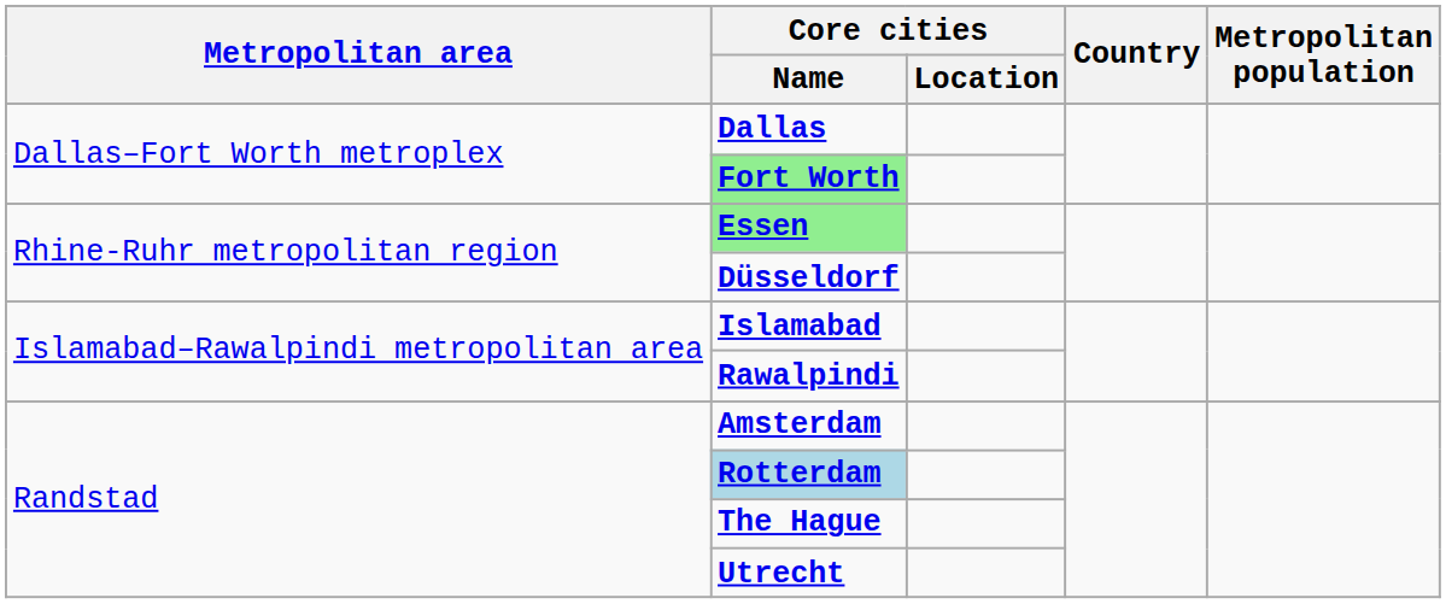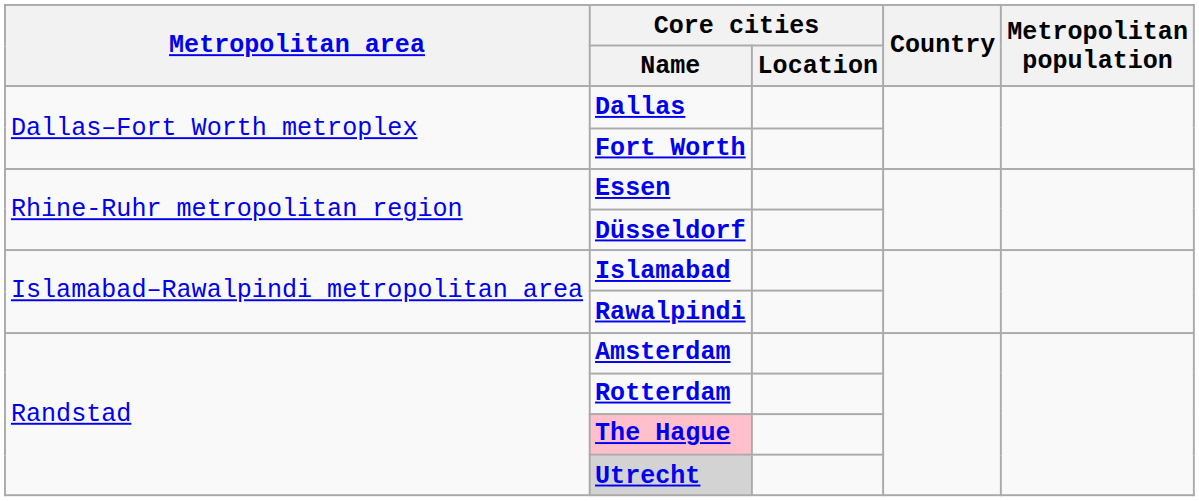 <table class="sortable wikitable" style="text-align:right">
 <tr>
 <th rowspan="2"><a href='#'>Metropolitan area</a></th>
 <th colspan="2">Core cities</th>
 <th rowspan="2">Country</th>
 <th rowspan="2">Metropolitan<br>population</th>
 </tr>
 <tr>
 <th>Name</th>
 <th>Location</th>
 </tr>
 <tr>
 <td rowspan="2" align=left><a href='#'>Dallas–Fort Worth metroplex</a></td>
 <td align=left><strong><a href='#'>Dallas</a></strong></td>
 <td><small></small></td>
 <td rowspan="2" align=left></td>
 <td rowspan="2"></td>
 </tr>
 <tr>
-<td align=left style="background: lightgreen;"><strong><a href='#'>Fort Worth</a></strong></td>
+<td align=left><strong><a href='#'>Fort Worth</a></strong></td>
 <td><small></small></td>
 </tr>
 <tr>
 <td rowspan="2" align=left><a href='#'>Rhine-Ruhr metropolitan region</a></td>
-<td align=left style="background: lightgreen;"><strong><a href='#'>Essen</a></strong></td>
+<td align=left><strong><a href='#'>Essen</a></strong></td>
 <td><small></small></td>
 <td rowspan="2" align=left></td>
 <td rowspan="2"></td>
 </tr>
 <tr>
 <td align=left><strong><a href='#'>Düsseldorf</a></strong></td>
 <td><small></small></td>
 </tr>
 <tr>
 <td rowspan="2" align=left><a href='#'>Islamabad–Rawalpindi metropolitan area</a></td>
 <td align=left><strong><a href='#'>Islamabad</a></strong></td>
 <td><small></small></td>
 <td rowspan="2" align=left></td>
 <td rowspan="2"></td>
 </tr>
 <tr>
 <td align=left><strong><a href='#'>Rawalpindi</a></strong></td>
 <td><small></small></td>
 </tr>
 <tr>
 <td rowspan="4" align=left><a href='#'>Randstad</a></td>
 <td align=left><strong><a href='#'>Amsterdam</a></strong></td>
 <td><small></small></td>
 <td rowspan="4" align=left></td>
 <td rowspan="4"></td>
 </tr>
 <tr>
-<td align=left style="background: lightblue;"><strong><a href='#'>Rotterdam</a></strong></td>
+<td align=left><strong><a href='#'>Rotterdam</a></strong></td>
 <td><small></small></td>
 </tr>
 <tr>
-<td align=left><strong><a href='#'>The Hague</a></strong></td>
+<td align=left style="background: pink;"><strong><a href='#'>The Hague</a></strong></td>
 <td><small></small></td>
 </tr>
 <tr>
-<td align=left><strong><a href='#'>Utrecht</a></strong></td>
+<td align=left style="background: lightgrey;"><strong><a href='#'>Utrecht</a></strong></td>
 <td><small></small></td>
 </tr>
 </table>
